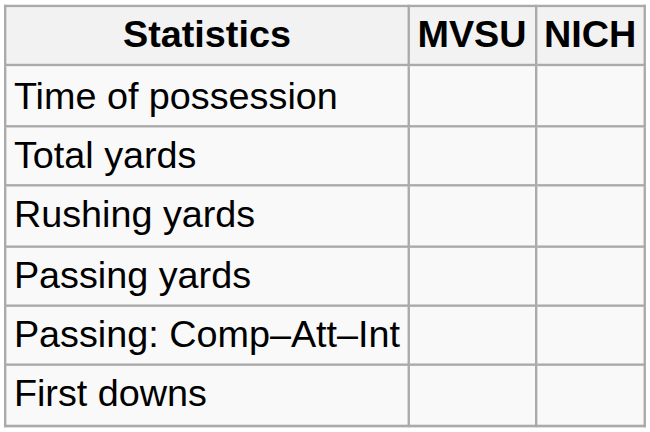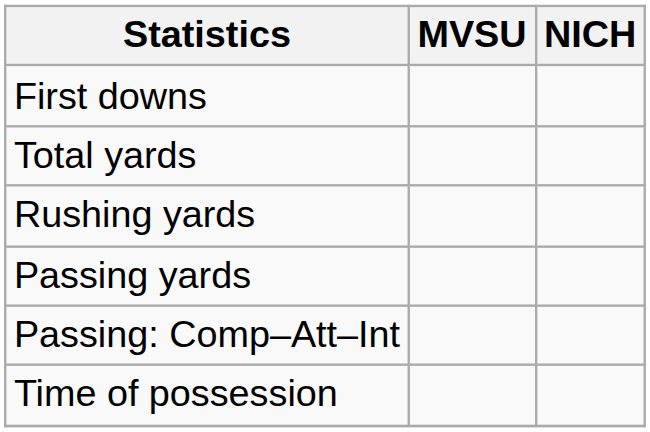 <table class="wikitable" style="float: left;">
 <tr>
 <th>Statistics</th>
 <th>MVSU</th>
 <th>NICH</th>
 </tr>
 <tr>
-<td>Time of possession</td>
+<td>First downs</td>
 <td></td>
 <td></td>
 </tr>
 <tr>
 <td>Total yards</td>
 <td></td>
 <td></td>
 </tr>
 <tr>
 <td>Rushing yards</td>
 <td></td>
 <td></td>
 </tr>
 <tr>
 <td>Passing yards</td>
 <td></td>
 <td></td>
 </tr>
 <tr>
 <td>Passing: Comp–Att–Int</td>
 <td></td>
 <td></td>
 </tr>
 <tr>
-<td>First downs</td>
+<td>Time of possession</td>
 <td></td>
 <td></td>
 </tr>
 <tr>
 </tr>
 </table>
